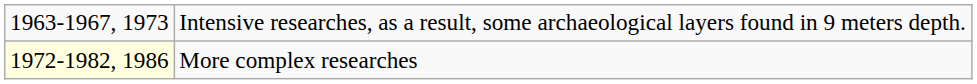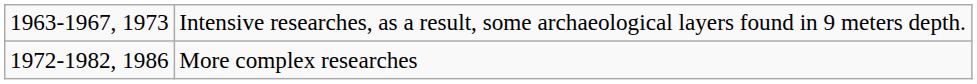 <table class="wikitable">
 <tr>
 <td>1963-1967, 1973</td>
 <td>Intensive researches, as a result, some archaeological layers found in 9 meters depth.</td>
 </tr>
 <tr>
-<td style="background: lightyellow;">1972-1982, 1986</td>
+<td>1972-1982, 1986</td>
 <td>More complex researches</td>
 </tr>
 </table>
